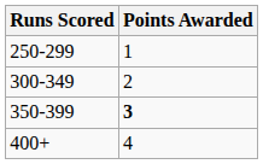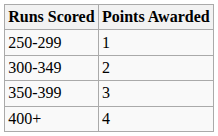 <table class="wikitable">
 <tr>
 <th>Runs Scored</th>
 <th>Points Awarded</th>
 </tr>
 <tr>
 <td>250-299</td>
 <td>1</td>
 </tr>
 <tr>
 <td>300-349</td>
 <td>2</td>
 </tr>
 <tr>
 <td>350-399</td>
-<td><strong>3</strong></td>
+<td>3</td>
 </tr>
 <tr>
 <td>400+</td>
 <td>4</td>
 </tr>
 </table>
